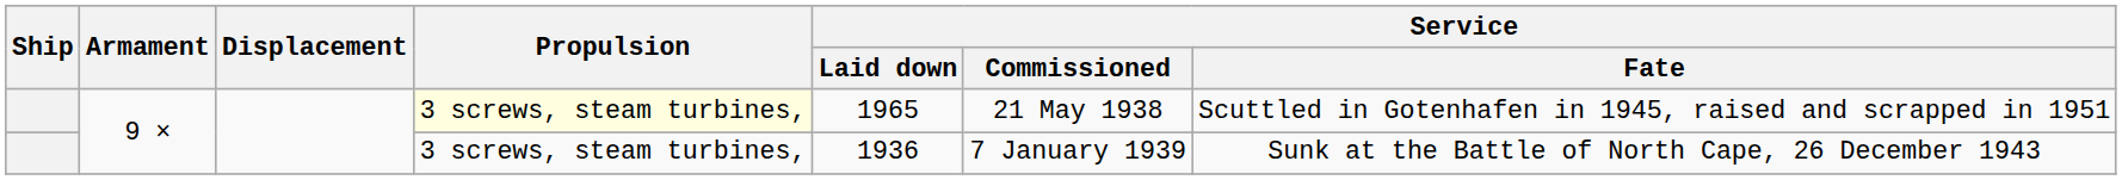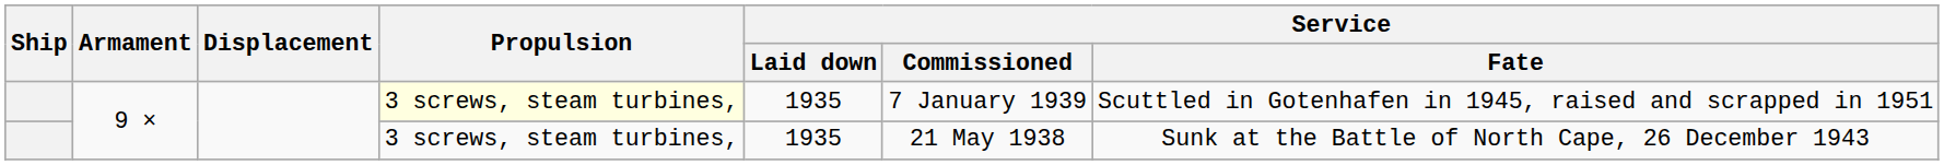 <table class="wikitable plainrowheaders" style="text-align: center;">
 <tr valign="center">
 <th scope="col" rowspan="2">Ship</th>
 <th scope="col" rowspan="2">Armament</th>
 <th scope="col" rowspan="2">Displacement</th>
 <th scope="col" rowspan="2">Propulsion</th>
 <th scope="col" colspan="3">Service</th>
 </tr>
 <tr valign="center">
 <th scope="col">Laid down</th>
 <th scope="col">Commissioned</th>
 <th scope="col">Fate</th>
 </tr>
 <tr valign="center">
 <th scope="row"></th>
 <td rowspan="2">9 × </td>
 <td rowspan="2"></td>
 <td style="background: lightyellow;">3 screws, steam turbines, </td>
-<td>1965</td>
-<td>21 May 1938</td>
+<td>1935</td>
+<td>7 January 1939</td>
 <td>Scuttled in Gotenhafen in 1945, raised and scrapped in 1951</td>
 </tr>
 <tr valign="center">
 <th scope="row"></th>
 <td>3 screws, steam turbines, </td>
-<td>1936</td>
-<td>7 January 1939</td>
+<td>1935</td>
+<td>21 May 1938</td>
 <td>Sunk at the Battle of North Cape, 26 December 1943</td>
 </tr>
 </table>
